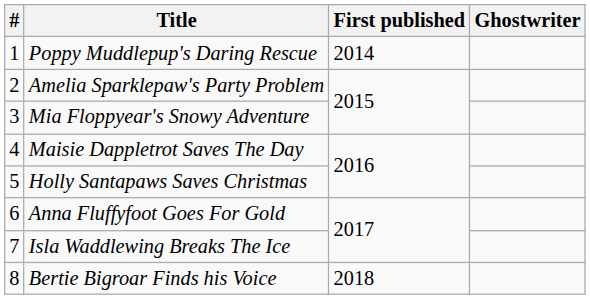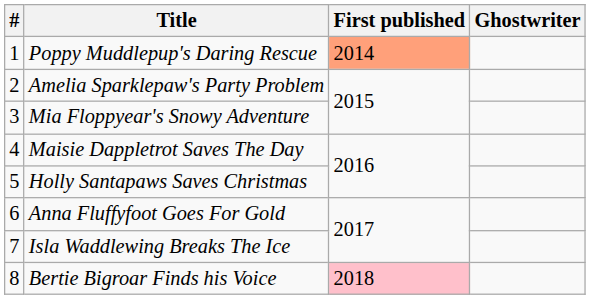 <table class="wikitable sortable nowraplinks">
 <tr>
 <th scope="col">#</th>
 <th scope="col">Title</th>
 <th scope="col">First published</th>
 <th scope="col">Ghostwriter</th>
 </tr>
 <tr>
 <td bgcolor=>1</td>
 <td><em>Poppy Muddlepup's Daring Rescue</em></td>
-<td>2014</td>
+<td style="background: lightsalmon;">2014</td>
 <td></td>
 </tr>
 <tr>
 <td bgcolor=>2</td>
 <td><em>Amelia Sparklepaw's Party Problem</em></td>
 <td rowspan="2">2015</td>
 <td></td>
 </tr>
 <tr>
 <td bgcolor=>3</td>
 <td><em>Mia Floppyear's Snowy Adventure</em></td>
 <td></td>
 </tr>
 <tr>
 <td bgcolor=>4</td>
 <td><em>Maisie Dappletrot Saves The Day</em></td>
 <td rowspan="2">2016</td>
 <td></td>
 </tr>
 <tr>
 <td bgcolor=>5</td>
 <td><em>Holly Santapaws Saves Christmas</em></td>
 <td></td>
 </tr>
 <tr>
 <td bgcolor=>6</td>
 <td><em>Anna Fluffyfoot Goes For Gold</em></td>
 <td rowspan="2">2017</td>
 <td></td>
 </tr>
 <tr>
 <td bgcolor=>7</td>
 <td><em>Isla Waddlewing Breaks The Ice</em></td>
 <td></td>
 </tr>
 <tr>
 <td bgcolor=>8</td>
 <td><em>Bertie Bigroar Finds his Voice</em></td>
-<td>2018</td>
+<td style="background: pink;">2018</td>
 <td></td>
 </tr>
 </table>
